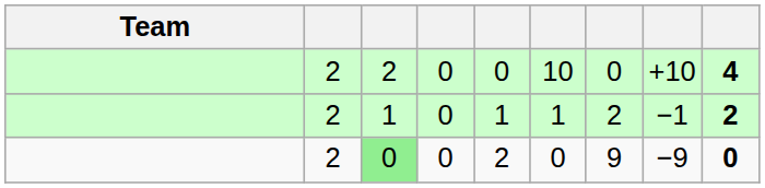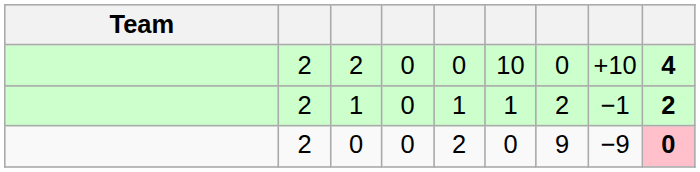 <table class="wikitable" style="text-align:center">
 <tr>
 <th width="165">Team</th>
 <th width=25></th>
 <th width=25></th>
 <th width=25></th>
 <th width=25></th>
 <th width=25></th>
 <th width=25></th>
 <th width=25></th>
 <th width=25></th>
 </tr>
 <tr bgcolor=#ccffcc>
 <td align="left"></td>
 <td>2</td>
 <td>2</td>
 <td>0</td>
 <td>0</td>
 <td>10</td>
 <td>0</td>
 <td>+10</td>
 <td><strong>4</strong></td>
 </tr>
 <tr bgcolor=#ccffcc>
 <td align="left"></td>
 <td>2</td>
 <td>1</td>
 <td>0</td>
 <td>1</td>
 <td>1</td>
 <td>2</td>
 <td>−1</td>
 <td><strong>2</strong></td>
 </tr>
 <tr>
 <td align="left"></td>
 <td>2</td>
-<td style="background: lightgreen;">0</td>
+<td>0</td>
 <td>0</td>
 <td>2</td>
 <td>0</td>
 <td>9</td>
 <td>−9</td>
-<td><strong>0</strong></td>
+<td style="background: pink;"><strong>0</strong></td>
 </tr>
 </table>
